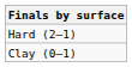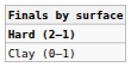 <table class=wikitable style=font-size:97%>
 <tr>
 <th>Finals by surface</th>
 </tr>
 <tr>
-<td>Hard (2–1)</td>
+<td><strong>Hard (2–1)</strong></td>
 </tr>
 <tr>
 <td>Clay (0–1)</td>
 </tr>
 </table>
